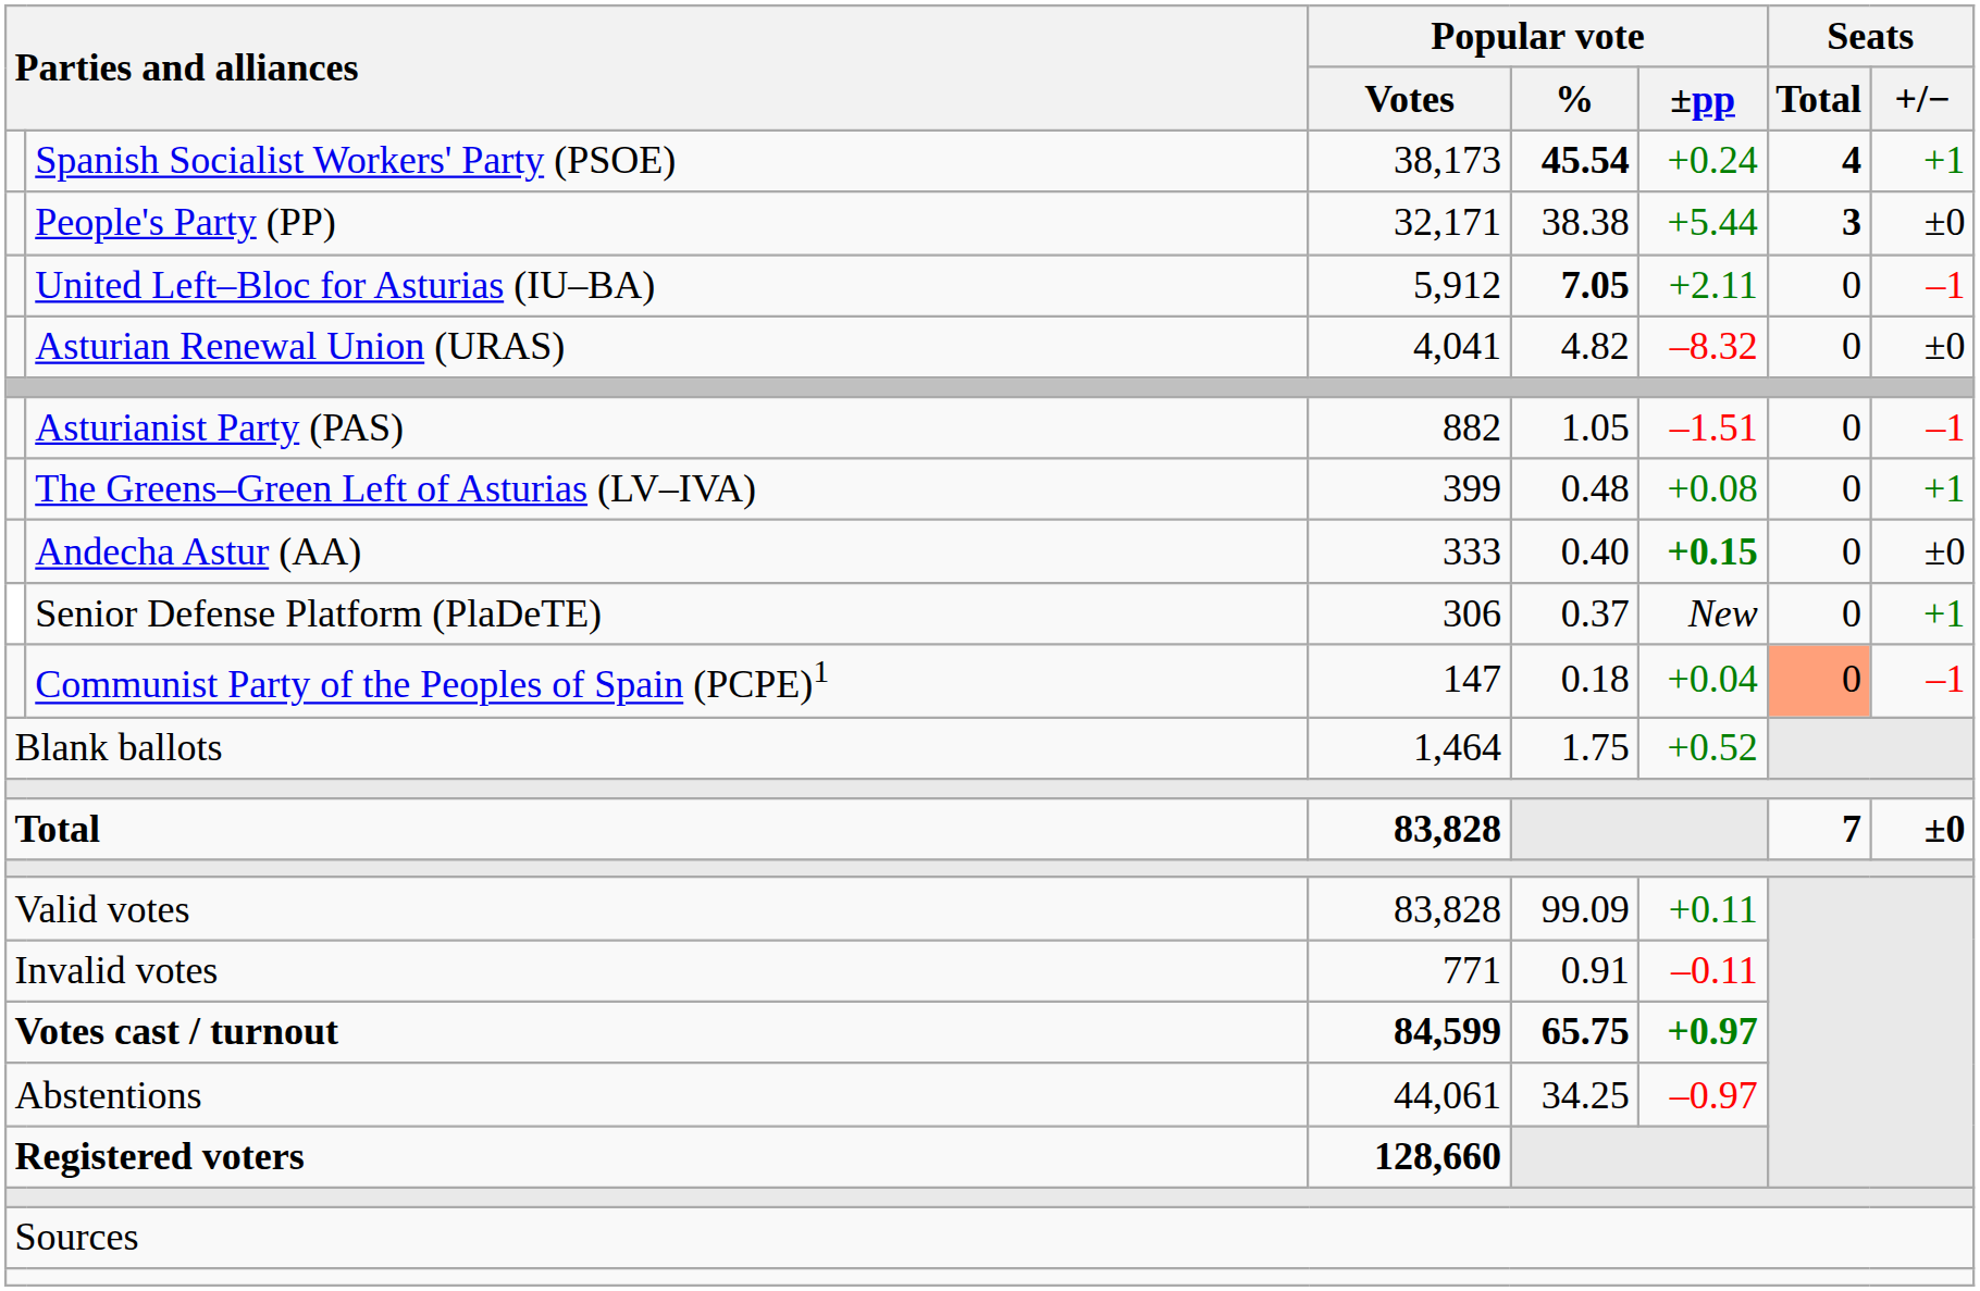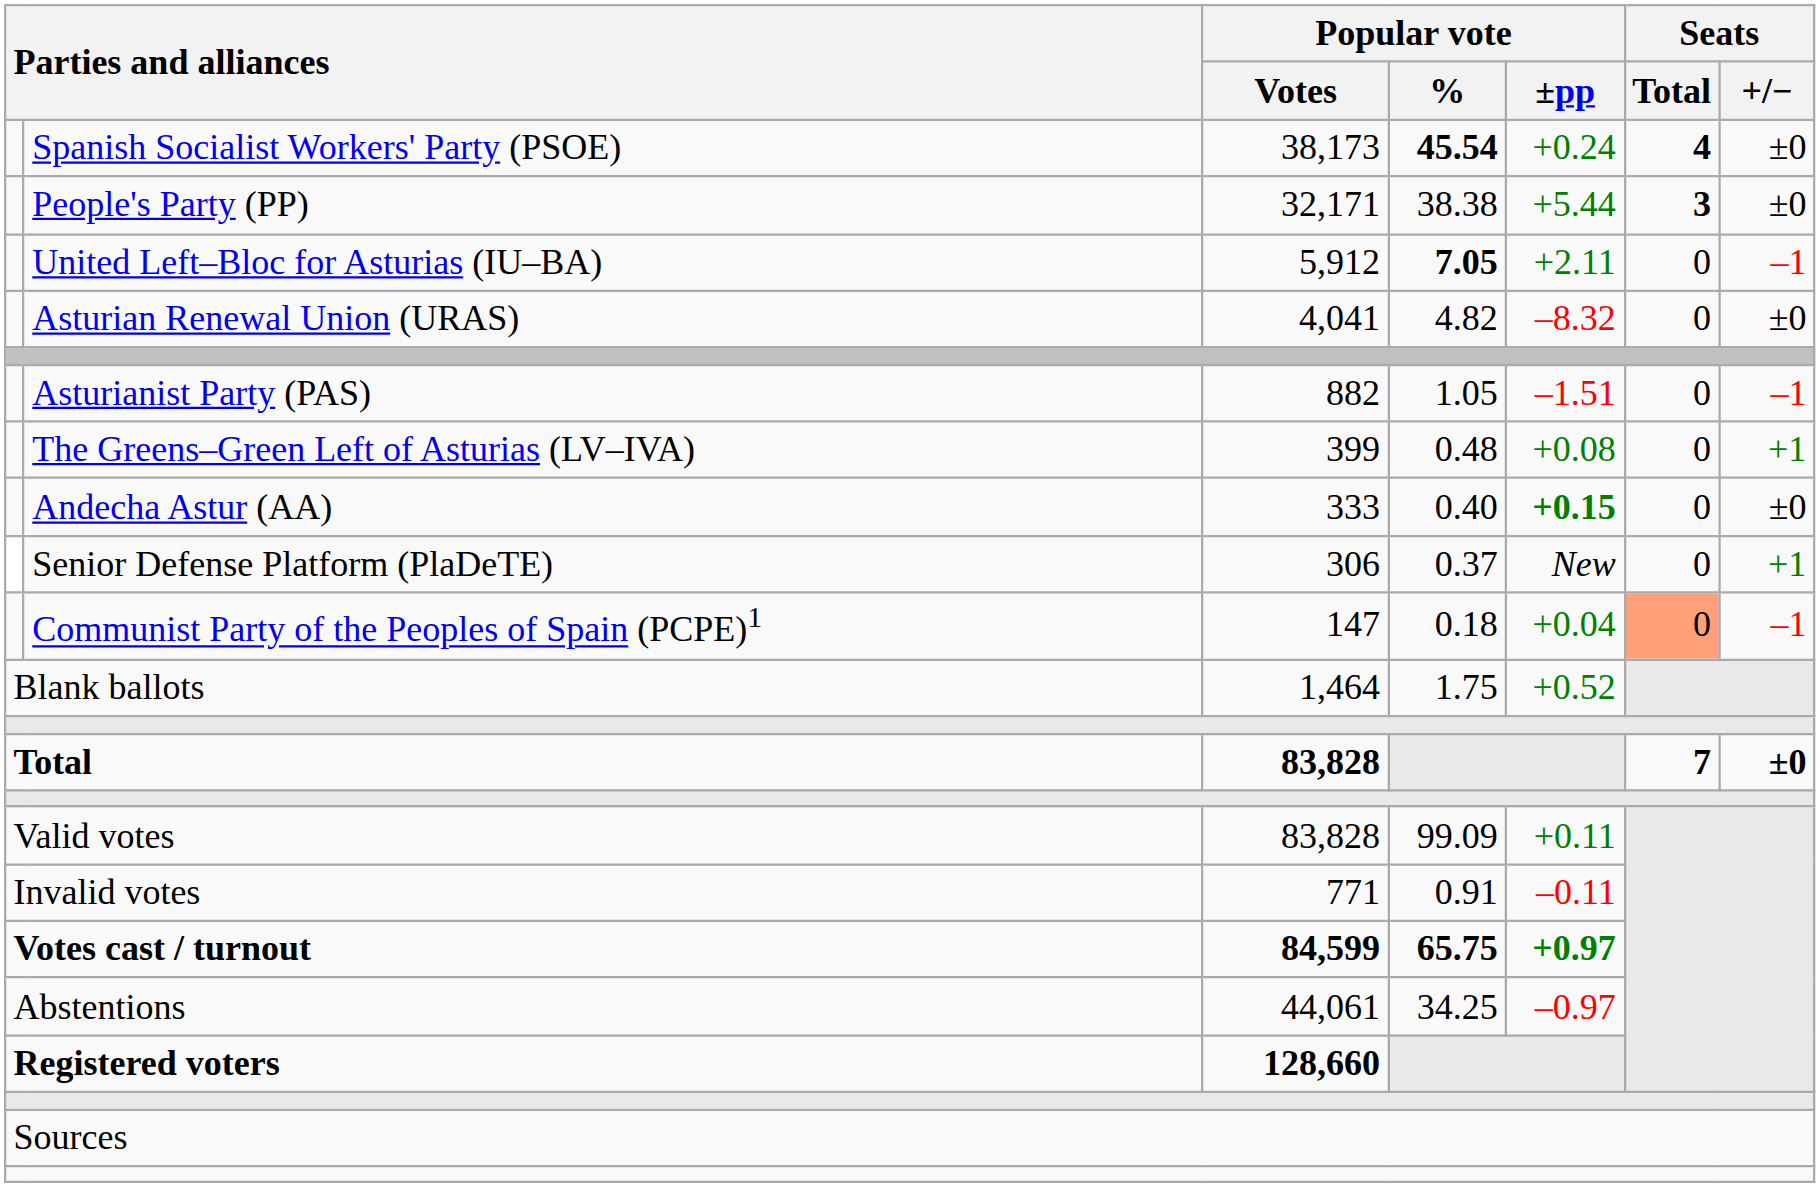 <table class="wikitable" style="text-align:right;">
 <tr>
 <th style="text-align:left;" rowspan="2" colspan="2" width="525">Parties and alliances</th>
 <th colspan="3">Popular vote</th>
 <th colspan="2">Seats</th>
 </tr>
 <tr>
 <th width="75">Votes</th>
 <th width="45">%</th>
 <th width="45">±<a href='#'>pp</a></th>
 <th width="35">Total</th>
 <th width="35">+/−</th>
 </tr>
 <tr>
 <td width="1" style="color:inherit;background:"></td>
 <td align="left"><a href='#'>Spanish Socialist Workers' Party</a> (PSOE)</td>
 <td>38,173</td>
 <td><strong>45.54</strong></td>
 <td style="color:green;">+0.24</td>
 <td><strong>4</strong></td>
-<td style="color:green;">+1</td>
+<td>±0</td>
 </tr>
 <tr>
 <td style="color:inherit;background:"></td>
 <td align="left"><a href='#'>People's Party</a> (PP)</td>
 <td>32,171</td>
 <td>38.38</td>
 <td style="color:green;">+5.44</td>
 <td><strong>3</strong></td>
 <td>±0</td>
 </tr>
 <tr>
 <td style="color:inherit;background:"></td>
 <td align="left"><a href='#'>United Left–Bloc for Asturias</a> (IU–BA)</td>
 <td>5,912</td>
 <td><strong>7.05</strong></td>
 <td style="color:green;">+2.11</td>
 <td>0</td>
 <td style="color:red;">–1</td>
 </tr>
 <tr>
 <td style="color:inherit;background:"></td>
 <td align="left"><a href='#'>Asturian Renewal Union</a> (URAS)</td>
 <td>4,041</td>
 <td>4.82</td>
 <td style="color:red;">–8.32</td>
 <td>0</td>
 <td>±0</td>
 </tr>
 <tr>
 <td colspan="7" bgcolor="#C0C0C0"></td>
 </tr>
 <tr>
 <td style="color:inherit;background:"></td>
 <td align="left"><a href='#'>Asturianist Party</a> (PAS)</td>
 <td>882</td>
 <td>1.05</td>
 <td style="color:red;">–1.51</td>
 <td>0</td>
 <td style="color:red;">–1</td>
 </tr>
 <tr>
 <td style="color:inherit;background:"></td>
 <td align="left"><a href='#'>The Greens–Green Left of Asturias</a> (LV–IVA)</td>
 <td>399</td>
 <td>0.48</td>
 <td style="color:green;">+0.08</td>
 <td>0</td>
 <td style="color:green;">+1</td>
 </tr>
 <tr>
 <td style="color:inherit;background:"></td>
 <td align="left"><a href='#'>Andecha Astur</a> (AA)</td>
 <td>333</td>
 <td>0.40</td>
 <td style="color:green;"><strong>+0.15</strong></td>
 <td>0</td>
 <td>±0</td>
 </tr>
 <tr>
 <td bgcolor="white"></td>
 <td align="left">Senior Defense Platform (PlaDeTE)</td>
 <td>306</td>
 <td>0.37</td>
 <td><em>New</em></td>
 <td>0</td>
 <td style="color:green;">+1</td>
 </tr>
 <tr>
 <td style="color:inherit;background:"></td>
 <td align="left"><a href='#'>Communist Party of the Peoples of Spain</a> (PCPE)<sup>1</sup></td>
 <td>147</td>
 <td>0.18</td>
 <td style="color:green;">+0.04</td>
 <td style="background: lightsalmon;">0</td>
 <td style="color:red;">–1</td>
 </tr>
 <tr>
 <td align="left" colspan="2">Blank ballots</td>
 <td>1,464</td>
 <td>1.75</td>
 <td style="color:green;">+0.52</td>
 <td bgcolor="#E9E9E9" colspan="2"></td>
 </tr>
 <tr>
 <td colspan="7" bgcolor="#E9E9E9"></td>
 </tr>
 <tr style="font-weight:bold;">
 <td align="left" colspan="2">Total</td>
 <td>83,828</td>
 <td bgcolor="#E9E9E9" colspan="2"></td>
 <td>7</td>
 <td>±0</td>
 </tr>
 <tr>
 <td colspan="7" bgcolor="#E9E9E9"></td>
 </tr>
 <tr>
 <td align="left" colspan="2">Valid votes</td>
 <td>83,828</td>
 <td>99.09</td>
 <td style="color:green;">+0.11</td>
 <td bgcolor="#E9E9E9" colspan="2" rowspan="5"></td>
 </tr>
 <tr>
 <td align="left" colspan="2">Invalid votes</td>
 <td>771</td>
 <td>0.91</td>
 <td style="color:red;">–0.11</td>
 </tr>
 <tr style="font-weight:bold;">
 <td align="left" colspan="2">Votes cast / turnout</td>
 <td>84,599</td>
 <td>65.75</td>
 <td style="color:green;">+0.97</td>
 </tr>
 <tr>
 <td align="left" colspan="2">Abstentions</td>
 <td>44,061</td>
 <td>34.25</td>
 <td style="color:red;">–0.97</td>
 </tr>
 <tr style="font-weight:bold;">
 <td align="left" colspan="2">Registered voters</td>
 <td>128,660</td>
 <td bgcolor="#E9E9E9" colspan="2"></td>
 </tr>
 <tr>
 <td colspan="7" bgcolor="#E9E9E9"></td>
 </tr>
 <tr>
 <td align="left" colspan="7">Sources</td>
 </tr>
 <tr>
 <td colspan="7" style="text-align:left; max-width:790px;"></td>
 </tr>
 </table>
